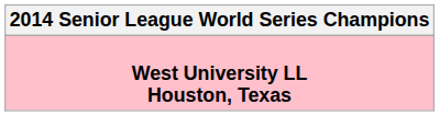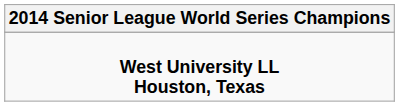 <table class="wikitable" style="text-align: center; margin: 0 auto;">
 <tr>
 <th>2014 Senior League World Series Champions</th>
 </tr>
 <tr>
 </tr>
 <tr>
-<td style="background: pink;"><br><strong>West University LL</strong><br> <strong>Houston, Texas</strong></td>
+<td><br><strong>West University LL</strong><br> <strong>Houston, Texas</strong></td>
 </tr>
 </table>
